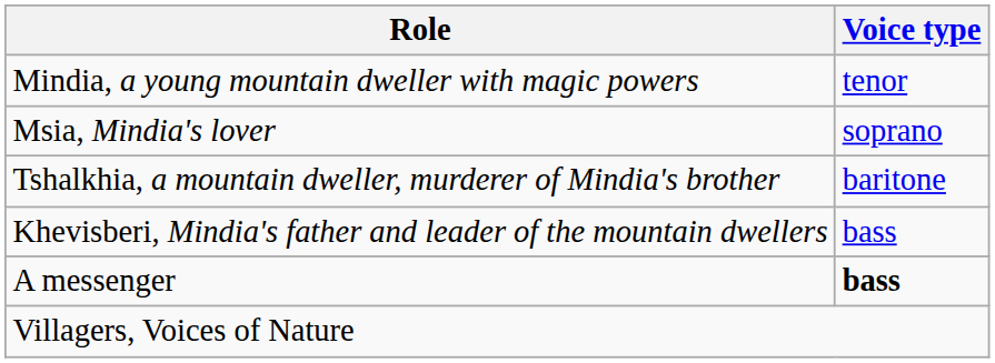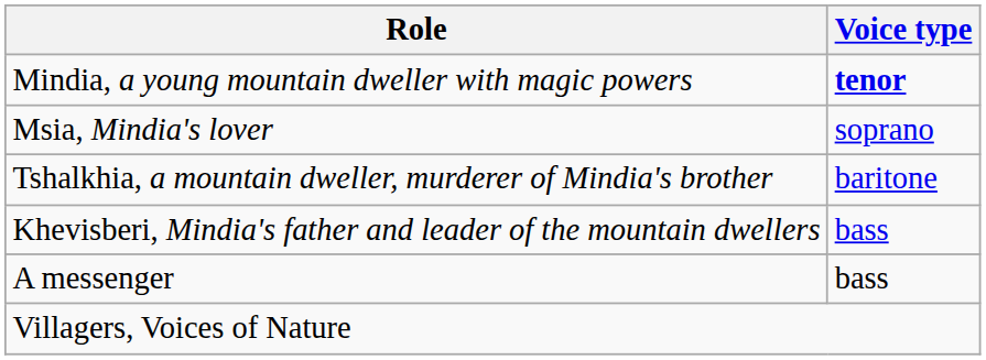 <table class="wikitable">
 <tr>
 <th>Role</th>
 <th><a href='#'>Voice type</a></th>
 </tr>
 <tr>
 <td>Mindia, <em>a young mountain dweller with magic powers</em></td>
-<td><a href='#'>tenor</a></td>
+<td><strong><a href='#'>tenor</a></strong></td>
 </tr>
 <tr>
 <td>Msia, <em>Mindia's lover</em></td>
 <td><a href='#'>soprano</a></td>
 </tr>
 <tr>
 <td>Tshalkhia, <em>a mountain dweller, murderer of Mindia's brother</em></td>
 <td><a href='#'>baritone</a></td>
 </tr>
 <tr>
 <td>Khevisberi, <em>Mindia's father and leader of the mountain dwellers</td>
 <td><a href='#'>bass</a></td>
 </tr>
 <tr>
 <td>A messenger</td>
-<td><strong>bass</strong></td>
+<td>bass</td>
 </tr>
 <tr>
 <td colspan="3"></em>Villagers, Voices of Nature<em></td>
 </tr>
 </table>
